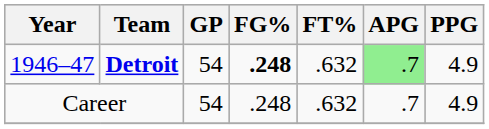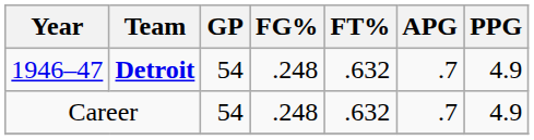 <table class="wikitable sortable" style="font-size:95%; text-align:right;">
 <tr>
 <th>Year</th>
 <th>Team</th>
 <th>GP</th>
 <th>FG%</th>
 <th>FT%</th>
 <th>APG</th>
 <th>PPG</th>
 </tr>
 <tr>
 <td style="text-align:left;"><a href='#'>1946–47</a></td>
 <td style="text-align:left;"><strong><a href='#'>Detroit</a></strong></td>
 <td>54</td>
-<td><strong>.248</strong></td>
+<td>.248</td>
 <td>.632</td>
-<td style="background: lightgreen;">.7</td>
+<td>.7</td>
 <td>4.9</td>
 </tr>
 <tr>
 <td style="text-align:center;" colspan="2">Career</td>
 <td>54</td>
 <td>.248</td>
 <td>.632</td>
 <td>.7</td>
 <td>4.9</td>
 </tr>
 <tr>
 </tr>
 </table>
